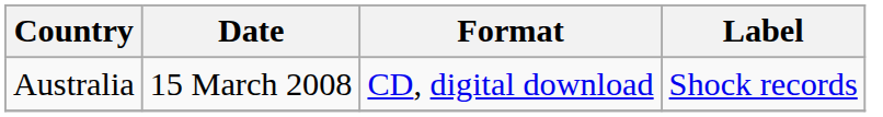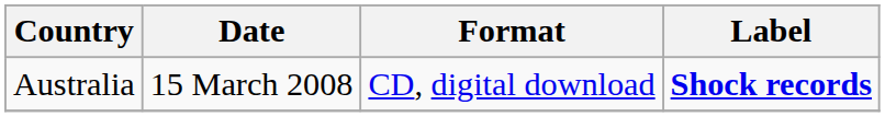 <table class="wikitable" border="1">
 <tr>
 <th scope="col">Country</th>
 <th scope="col">Date</th>
 <th scope="col">Format</th>
 <th scope="col">Label</th>
 </tr>
 <tr>
 <td>Australia</td>
 <td>15 March 2008</td>
 <td><a href='#'>CD</a>, <a href='#'>digital download</a></td>
-<td><a href='#'>Shock records</a></td>
+<td><strong><a href='#'>Shock records</a></strong></td>
 </tr>
 <tr>
 </tr>
 </table>
